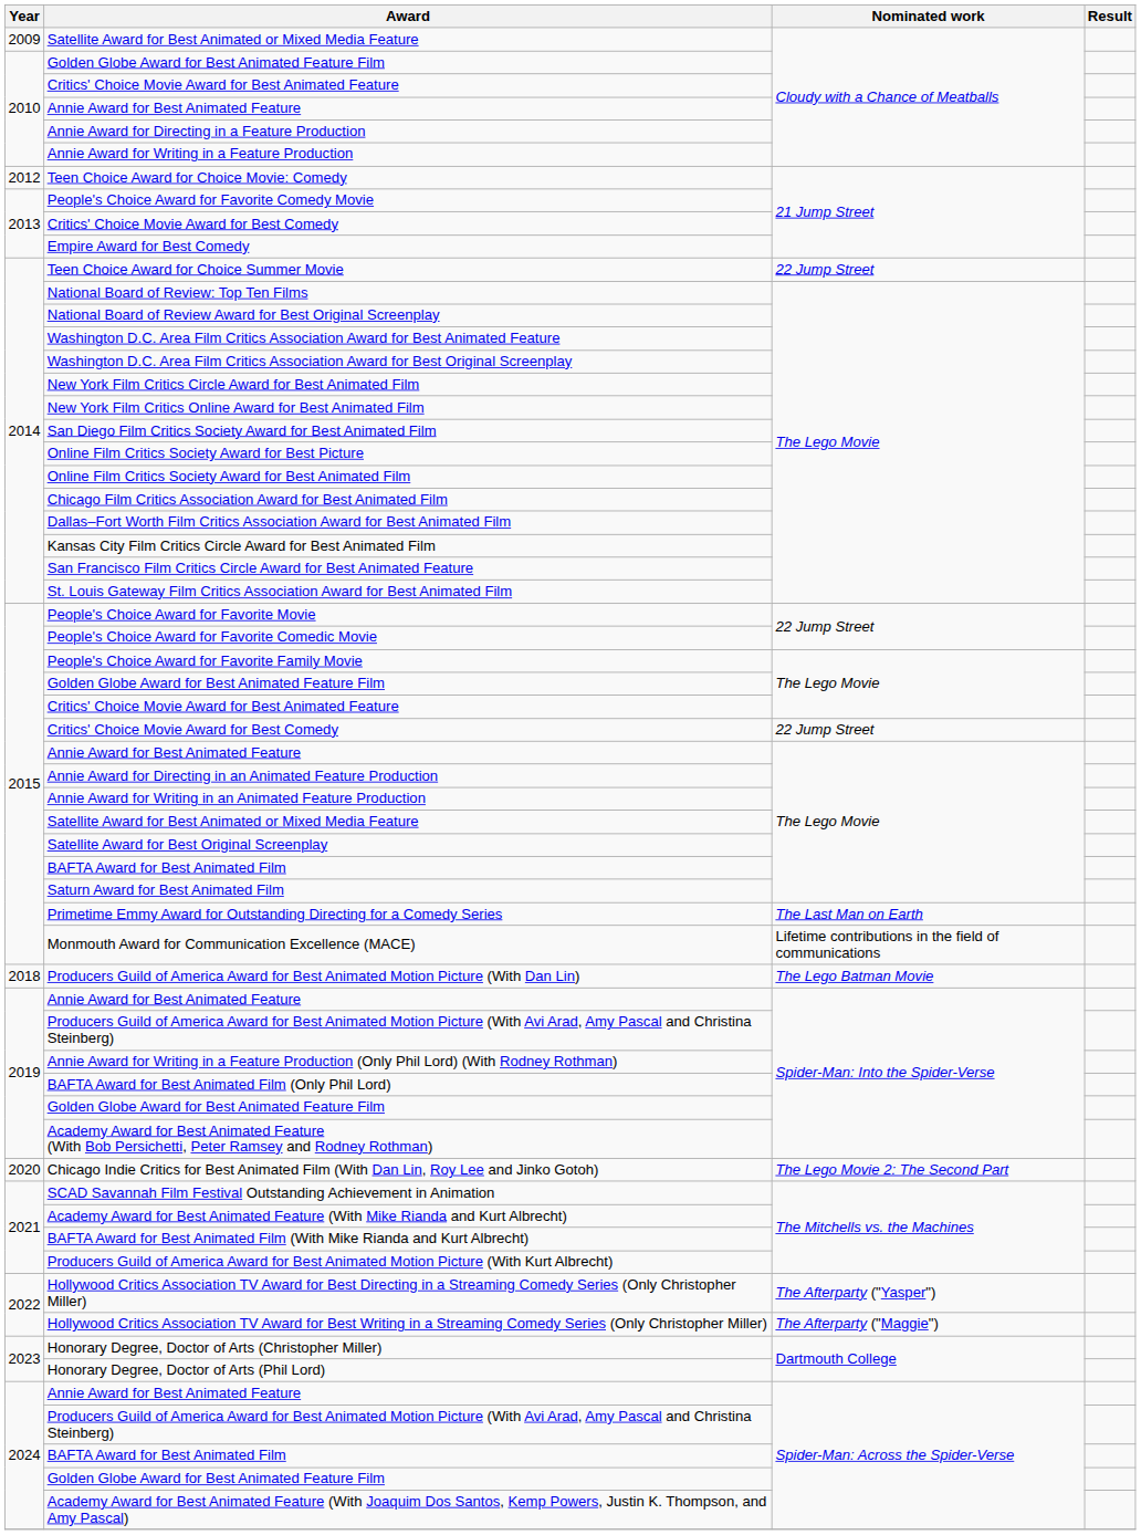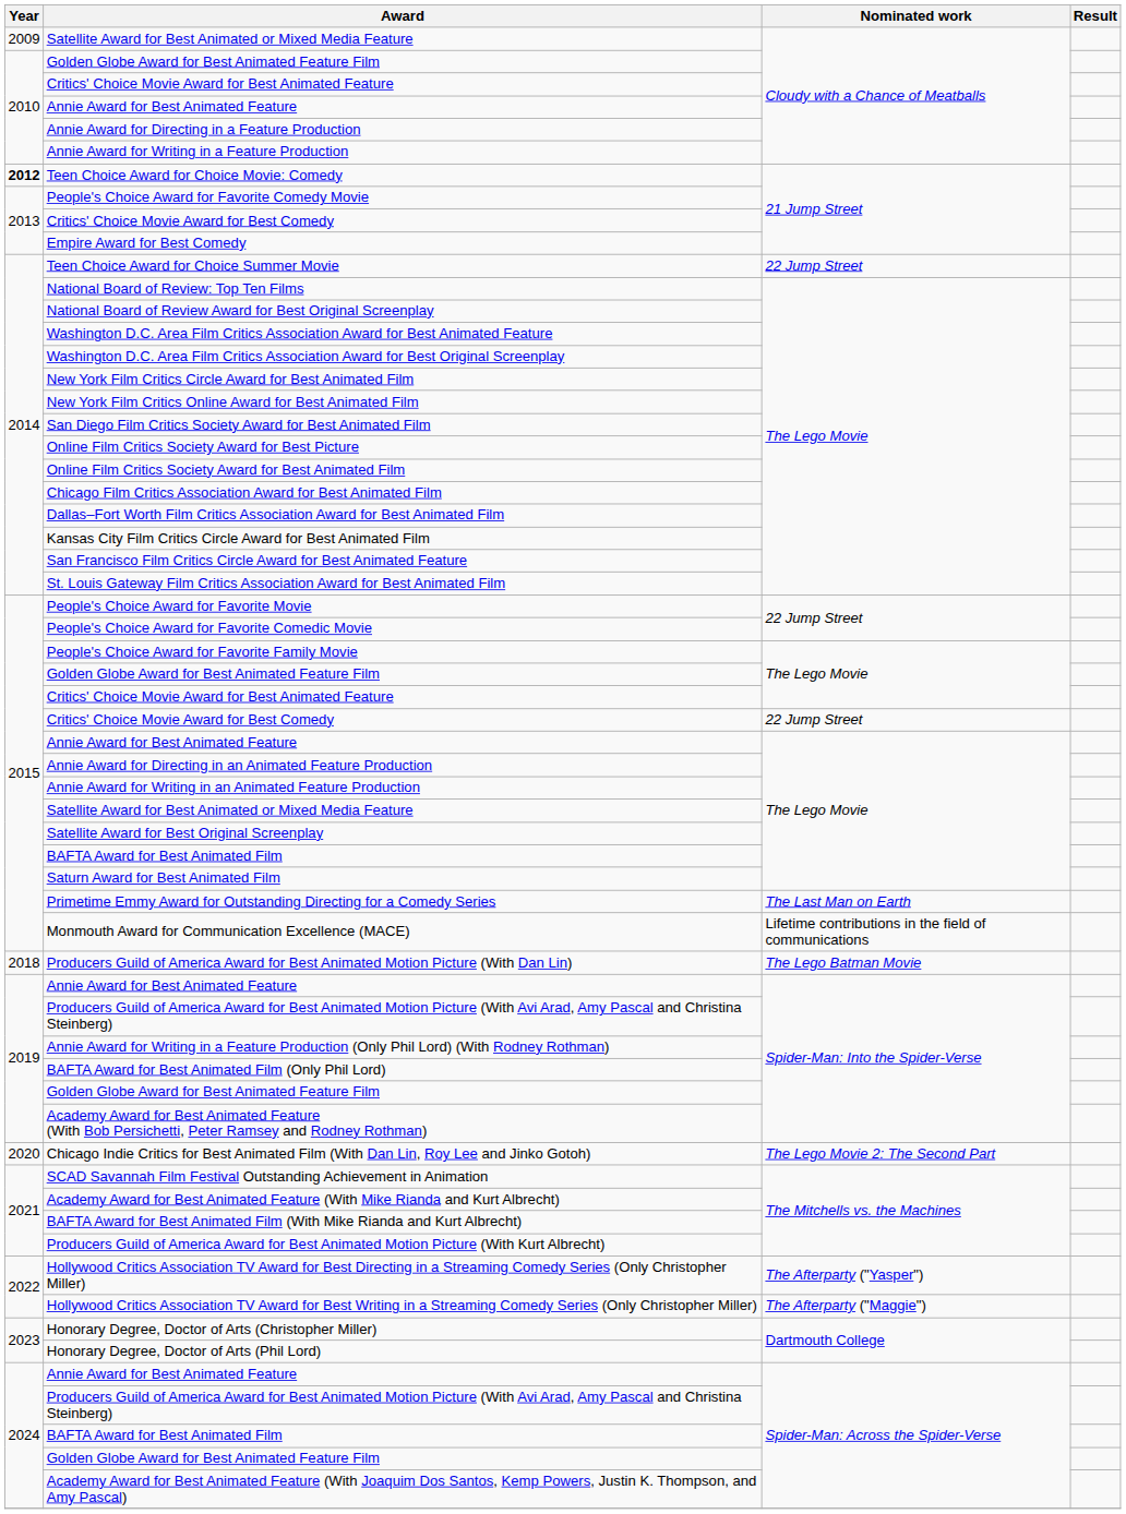 <table class="wikitable">
 <tr>
 <th>Year</th>
 <th>Award</th>
 <th>Nominated work</th>
 <th>Result</th>
 </tr>
 <tr>
 <td>2009</td>
 <td><a href='#'>Satellite Award for Best Animated or Mixed Media Feature</a></td>
 <td rowspan="6"><em><a href='#'>Cloudy with a Chance of Meatballs</a></em></td>
 <td></td>
 </tr>
 <tr>
 <td rowspan="5">2010</td>
 <td><a href='#'>Golden Globe Award for Best Animated Feature Film</a></td>
 <td></td>
 </tr>
 <tr>
 <td><a href='#'>Critics' Choice Movie Award for Best Animated Feature</a></td>
 <td></td>
 </tr>
 <tr>
 <td><a href='#'>Annie Award for Best Animated Feature</a></td>
 <td></td>
 </tr>
 <tr>
 <td><a href='#'>Annie Award for Directing in a Feature Production</a></td>
 <td></td>
 </tr>
 <tr>
 <td><a href='#'>Annie Award for Writing in a Feature Production</a></td>
 <td></td>
 </tr>
 <tr>
-<td>2012</td>
+<td><strong>2012</strong></td>
 <td><a href='#'>Teen Choice Award for Choice Movie: Comedy</a></td>
 <td rowspan="4"><em><a href='#'>21 Jump Street</a></em></td>
 <td></td>
 </tr>
 <tr>
 <td rowspan="3">2013</td>
 <td><a href='#'>People's Choice Award for Favorite Comedy Movie</a></td>
 <td></td>
 </tr>
 <tr>
 <td><a href='#'>Critics' Choice Movie Award for Best Comedy</a></td>
 <td></td>
 </tr>
 <tr>
 <td><a href='#'>Empire Award for Best Comedy</a></td>
 <td></td>
 </tr>
 <tr>
 <td rowspan="15">2014</td>
 <td><a href='#'>Teen Choice Award for Choice Summer Movie</a></td>
 <td><em><a href='#'>22 Jump Street</a></em></td>
 <td></td>
 </tr>
 <tr>
 <td><a href='#'>National Board of Review: Top Ten Films</a></td>
 <td rowspan="14"><em><a href='#'>The Lego Movie</a></em></td>
 <td></td>
 </tr>
 <tr>
 <td><a href='#'>National Board of Review Award for Best Original Screenplay</a></td>
 <td></td>
 </tr>
 <tr>
 <td><a href='#'>Washington D.C. Area Film Critics Association Award for Best Animated Feature</a></td>
 <td></td>
 </tr>
 <tr>
 <td><a href='#'>Washington D.C. Area Film Critics Association Award for Best Original Screenplay</a></td>
 <td></td>
 </tr>
 <tr>
 <td><a href='#'>New York Film Critics Circle Award for Best Animated Film</a></td>
 <td></td>
 </tr>
 <tr>
 <td><a href='#'>New York Film Critics Online Award for Best Animated Film</a></td>
 <td></td>
 </tr>
 <tr>
 <td><a href='#'>San Diego Film Critics Society Award for Best Animated Film</a></td>
 <td></td>
 </tr>
 <tr>
 <td><a href='#'>Online Film Critics Society Award for Best Picture</a></td>
 <td></td>
 </tr>
 <tr>
 <td><a href='#'>Online Film Critics Society Award for Best Animated Film</a></td>
 <td></td>
 </tr>
 <tr>
 <td><a href='#'>Chicago Film Critics Association Award for Best Animated Film</a></td>
 <td></td>
 </tr>
 <tr>
 <td><a href='#'>Dallas–Fort Worth Film Critics Association Award for Best Animated Film</a></td>
 <td></td>
 </tr>
 <tr>
 <td>Kansas City Film Critics Circle Award for Best Animated Film</td>
 <td></td>
 </tr>
 <tr>
 <td><a href='#'>San Francisco Film Critics Circle Award for Best Animated Feature</a></td>
 <td></td>
 </tr>
 <tr>
 <td><a href='#'>St. Louis Gateway Film Critics Association Award for Best Animated Film</a></td>
 <td></td>
 </tr>
 <tr>
 <td rowspan="15">2015</td>
 <td><a href='#'>People's Choice Award for Favorite Movie</a></td>
 <td rowspan="2"><em>22 Jump Street</em></td>
 <td></td>
 </tr>
 <tr>
 <td><a href='#'>People's Choice Award for Favorite Comedic Movie</a></td>
 <td></td>
 </tr>
 <tr>
 <td><a href='#'>People's Choice Award for Favorite Family Movie</a></td>
 <td rowspan="3"><em>The Lego Movie</em></td>
 <td></td>
 </tr>
 <tr>
 <td><a href='#'>Golden Globe Award for Best Animated Feature Film</a></td>
 <td></td>
 </tr>
 <tr>
 <td><a href='#'>Critics' Choice Movie Award for Best Animated Feature</a></td>
 <td></td>
 </tr>
 <tr>
 <td><a href='#'>Critics' Choice Movie Award for Best Comedy</a></td>
 <td><em>22 Jump Street</em></td>
 <td></td>
 </tr>
 <tr>
 <td><a href='#'>Annie Award for Best Animated Feature</a></td>
 <td rowspan="7"><em>The Lego Movie</em></td>
 <td></td>
 </tr>
 <tr>
 <td><a href='#'>Annie Award for Directing in an Animated Feature Production</a></td>
 <td></td>
 </tr>
 <tr>
 <td><a href='#'>Annie Award for Writing in an Animated Feature Production</a></td>
 <td></td>
 </tr>
 <tr>
 <td><a href='#'>Satellite Award for Best Animated or Mixed Media Feature</a></td>
 <td></td>
 </tr>
 <tr>
 <td><a href='#'>Satellite Award for Best Original Screenplay</a></td>
 <td></td>
 </tr>
 <tr>
 <td><a href='#'>BAFTA Award for Best Animated Film</a></td>
 <td></td>
 </tr>
 <tr>
 <td><a href='#'>Saturn Award for Best Animated Film</a></td>
 <td></td>
 </tr>
 <tr>
 <td><a href='#'>Primetime Emmy Award for Outstanding Directing for a Comedy Series</a></td>
 <td><em><a href='#'>The Last Man on Earth</a></em></td>
 <td></td>
 </tr>
 <tr>
 <td>Monmouth Award for Communication Excellence (MACE)</td>
 <td>Lifetime contributions in the field of communications</td>
 <td></td>
 </tr>
 <tr>
 <td>2018</td>
 <td><a href='#'>Producers Guild of America Award for Best Animated Motion Picture</a> (With <a href='#'>Dan Lin</a>)</td>
 <td><em><a href='#'>The Lego Batman Movie</a></em></td>
 <td></td>
 </tr>
 <tr>
 <td rowspan="6">2019</td>
 <td><a href='#'>Annie Award for Best Animated Feature</a></td>
 <td rowspan="6"><em><a href='#'>Spider-Man: Into the Spider-Verse</a></em></td>
 <td></td>
 </tr>
 <tr>
 <td><a href='#'>Producers Guild of America Award for Best Animated Motion Picture</a> (With <a href='#'>Avi Arad</a>, <a href='#'>Amy Pascal</a> and Christina Steinberg)</td>
 <td></td>
 </tr>
 <tr>
 <td><a href='#'>Annie Award for Writing in a Feature Production</a> (Only Phil Lord) (With <a href='#'>Rodney Rothman</a>)</td>
 <td></td>
 </tr>
 <tr>
 <td><a href='#'>BAFTA Award for Best Animated Film</a> (Only Phil Lord)</td>
 <td></td>
 </tr>
 <tr>
 <td><a href='#'>Golden Globe Award for Best Animated Feature Film</a></td>
 <td></td>
 </tr>
 <tr>
 <td><a href='#'>Academy Award for Best Animated Feature</a> <br>(With <a href='#'>Bob Persichetti</a>, <a href='#'>Peter Ramsey</a> and <a href='#'>Rodney Rothman</a>)</td>
 <td></td>
 </tr>
 <tr>
 <td>2020</td>
 <td>Chicago Indie Critics for Best Animated Film (With <a href='#'>Dan Lin</a>, <a href='#'>Roy Lee</a> and Jinko Gotoh)</td>
 <td><em><a href='#'>The Lego Movie 2: The Second Part</a></em></td>
 <td></td>
 </tr>
 <tr>
 <td rowspan="4">2021</td>
 <td><a href='#'>SCAD Savannah Film Festival</a> Outstanding Achievement in Animation</td>
 <td rowspan="4"><em><a href='#'>The Mitchells vs. the Machines</a></em></td>
 <td></td>
 </tr>
 <tr>
 <td><a href='#'>Academy Award for Best Animated Feature</a> (With <a href='#'>Mike Rianda</a> and Kurt Albrecht)</td>
 <td></td>
 </tr>
 <tr>
 <td><a href='#'>BAFTA Award for Best Animated Film</a> (With Mike Rianda and Kurt Albrecht)</td>
 <td></td>
 </tr>
 <tr>
 <td><a href='#'>Producers Guild of America Award for Best Animated Motion Picture</a> (With Kurt Albrecht)</td>
 <td></td>
 </tr>
 <tr>
 <td rowspan="2">2022</td>
 <td><a href='#'>Hollywood Critics Association TV Award for Best Directing in a Streaming Comedy Series</a> (Only Christopher Miller)</td>
 <td><em><a href='#'>The Afterparty</a></em> ("<a href='#'>Yasper</a>")</td>
 <td></td>
 </tr>
 <tr>
 <td><a href='#'>Hollywood Critics Association TV Award for Best Writing in a Streaming Comedy Series</a> (Only Christopher Miller)</td>
 <td><em><a href='#'>The Afterparty</a></em> ("<a href='#'>Maggie</a>")</td>
 <td></td>
 </tr>
 <tr>
 <td rowspan="2">2023</td>
 <td>Honorary Degree, Doctor of Arts (Christopher Miller)</td>
 <td rowspan="2"><a href='#'>Dartmouth College</a></td>
 <td></td>
 </tr>
 <tr>
 <td>Honorary Degree, Doctor of Arts (Phil Lord)</td>
 <td></td>
 </tr>
 <tr>
 <td rowspan="5">2024</td>
 <td><a href='#'>Annie Award for Best Animated Feature</a></td>
 <td rowspan="5"><em><a href='#'>Spider-Man: Across the Spider-Verse</a></em></td>
 <td></td>
 </tr>
 <tr>
 <td><a href='#'>Producers Guild of America Award for Best Animated Motion Picture</a> (With <a href='#'>Avi Arad</a>, <a href='#'>Amy Pascal</a> and Christina Steinberg)</td>
 <td></td>
 </tr>
 <tr>
 <td><a href='#'>BAFTA Award for Best Animated Film</a></td>
 <td></td>
 </tr>
 <tr>
 <td><a href='#'>Golden Globe Award for Best Animated Feature Film</a></td>
 <td></td>
 </tr>
 <tr>
 <td><a href='#'>Academy Award for Best Animated Feature</a> (With <a href='#'>Joaquim Dos Santos</a>, <a href='#'>Kemp Powers</a>, Justin K. Thompson, and <a href='#'>Amy Pascal</a>)</td>
 <td></td>
 </tr>
 <tr>
 </tr>
 </table>
